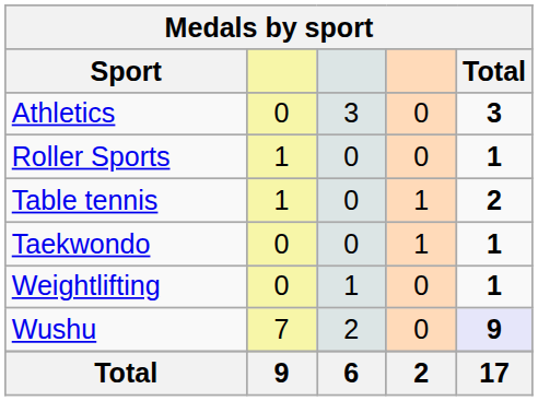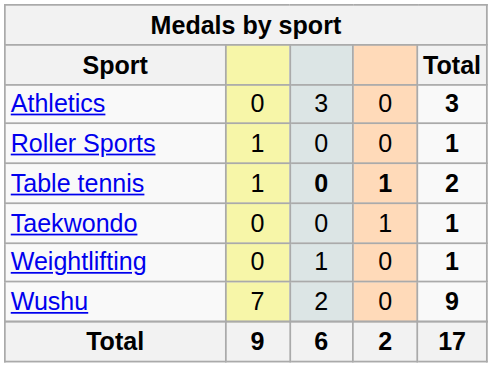 <table class="wikitable" style="font-size:90%; text-align:center;">
 <tr>
 <th colspan=5>Medals by sport</th>
 </tr>
 <tr>
 <th width=120>Sport</th>
 <th scope="col" width=30 style="background:#F7F6A8;"></th>
 <th scope="col" width=30 style="background:#DCE5E5;"></th>
 <th scope="col" width=30 style="background:#FFDAB9;"></th>
 <th width=30>Total</th>
 </tr>
 <tr>
 <td align=left><a href='#'>Athletics</a></td>
 <td style="background:#F7F6A8;">0</td>
 <td style="background:#DCE5E5;">3</td>
 <td style="background:#FFDAB9;">0</td>
 <td><strong>3</strong></td>
 </tr>
 <tr>
 <td align=left><a href='#'>Roller Sports</a></td>
 <td style="background:#F7F6A8;">1</td>
 <td style="background:#DCE5E5;">0</td>
 <td style="background:#FFDAB9;">0</td>
 <td><strong>1</strong></td>
 </tr>
 <tr>
 <td align=left><a href='#'>Table tennis</a></td>
 <td style="background:#F7F6A8;">1</td>
-<td style="background:#DCE5E5;">0</td>
-<td style="background:#FFDAB9;">1</td>
+<td style="background:#DCE5E5;"><strong>0</strong></td>
+<td style="background:#FFDAB9;"><strong>1</strong></td>
 <td><strong>2</strong></td>
 </tr>
 <tr>
 <td align=left><a href='#'>Taekwondo</a></td>
 <td style="background:#F7F6A8;">0</td>
 <td style="background:#DCE5E5;">0</td>
 <td style="background:#FFDAB9;">1</td>
 <td><strong>1</strong></td>
 </tr>
 <tr>
 <td align=left><a href='#'>Weightlifting</a></td>
 <td style="background:#F7F6A8;">0</td>
 <td style="background:#DCE5E5;">1</td>
 <td style="background:#FFDAB9;">0</td>
 <td><strong>1</strong></td>
 </tr>
 <tr>
 <td align=left><a href='#'>Wushu</a></td>
 <td style="background:#F7F6A8;">7</td>
 <td style="background:#DCE5E5;">2</td>
 <td style="background:#FFDAB9;">0</td>
-<td style="background: lavender;"><strong>9</strong></td>
+<td><strong>9</strong></td>
 </tr>
 <tr>
 </tr>
 <tr class="sortbottom">
 <th>Total</th>
 <th>9</th>
 <th>6</th>
 <th>2</th>
 <th>17</th>
 </tr>
 </table>
